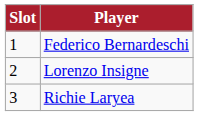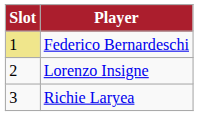 <table class="wikitable" style="text-align:left; margin-left:1em; font-size:95%;">
 <tr>
 <th style="background:#AB1E2D; color:white; text-align:center;">Slot</th>
 <th style="background:#AB1E2D; color:white; text-align:center;">Player</th>
 </tr>
 <tr>
-<td>1</td>
+<td style="background: khaki;">1</td>
 <td> <a href='#'>Federico Bernardeschi</a></td>
 </tr>
 <tr>
 <td>2</td>
 <td> <a href='#'>Lorenzo Insigne</a></td>
 </tr>
 <tr>
 <td>3</td>
 <td> <a href='#'>Richie Laryea</a></td>
 </tr>
 </table>
